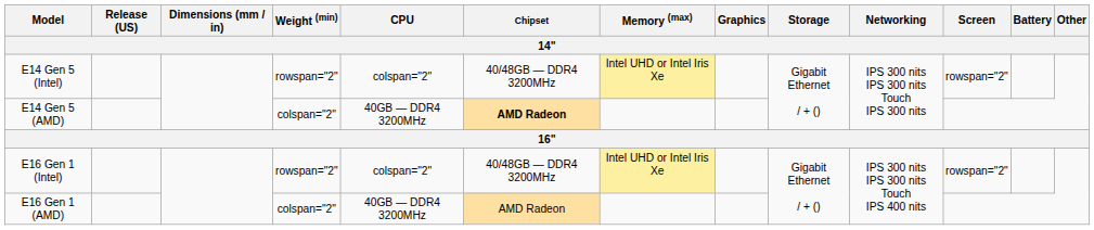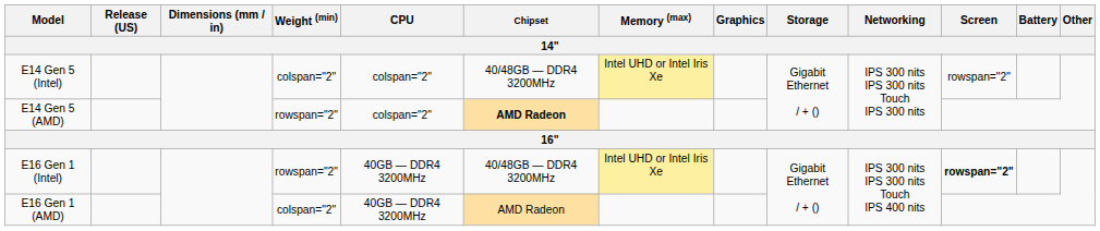 <table class="wikitable" style="font-size: 80%; text-align: center; min-width: 80%;">
 <tr>
 <th>Model</th>
 <th>Release (US)</th>
 <th>Dimensions (mm / in)</th>
 <th>Weight <sup>(min)</sup></th>
 <th>CPU</th>
 <th><small>Chipset</small></th>
 <th>Memory <sup>(max)</sup></th>
 <th>Graphics</th>
 <th>Storage</th>
 <th>Networking</th>
 <th>Screen</th>
 <th>Battery</th>
 <th>Other</th>
 </tr>
 <tr>
 <th colspan="13">14"</th>
 </tr>
 <tr>
 <td>E14 Gen 5<br>(Intel)</td>
 <td></td>
 <td rowspan="2"></td>
-<td>rowspan="2" </td>
+<td>colspan="2" </td>
 <td>colspan="2" </td>
 <td style="background:">40/48GB — DDR4 3200MHz<br> </td>
 <td style="background:#fdf1a1;">Intel UHD  or Intel Iris Xe<br><br></td>
 <td></td>
 <td rowspan="2">Gigabit Ethernet<br><br> /  +  ()<br><small> </small></td>
 <td rowspan="2" style="background:"> IPS 300 nits<br> IPS 300 nits Touch<br> IPS 300 nits<br></td>
 <td>rowspan="2" </td>
 <td><br></td>
 </tr>
 <tr>
 <td>E14 Gen 5 (AMD)</td>
 <td></td>
+<td>rowspan="2" </td>
 <td>colspan="2" </td>
-<td style="background:">40GB — DDR4 3200MHz<br> </td>
 <td style="background:#fee0a3;"><strong>AMD Radeon</strong></td>
 <td></td>
 <td><br></td>
 </tr>
 <tr>
 <th colspan="13">16"</th>
 </tr>
 <tr>
 <td>E16 Gen 1<br>(Intel)</td>
 <td></td>
 <td rowspan="2"></td>
 <td>rowspan="2" </td>
-<td>colspan="2" </td>
+<td style="background:">40GB — DDR4 3200MHz<br> </td>
 <td style="background:">40/48GB — DDR4 3200MHz<br> </td>
 <td style="background:#fdf1a1;">Intel UHD  or Intel Iris Xe<br><br></td>
 <td></td>
 <td rowspan="2">Gigabit Ethernet<br><br> /  +  ()<br><small> </small></td>
 <td rowspan="2" style="background:"> IPS 300 nits<br> IPS 300 nits Touch<br> IPS 400 nits<br></td>
-<td>rowspan="2" </td>
+<td><strong>rowspan="2" </strong></td>
 <td><br></td>
 </tr>
 <tr>
 <td>E16 Gen 1 (AMD)</td>
 <td></td>
 <td>colspan="2" </td>
 <td style="background:">40GB — DDR4 3200MHz<br> </td>
 <td style="background:#fee0a3;">AMD Radeon</td>
 <td></td>
 <td><br></td>
 </tr>
 </table>
